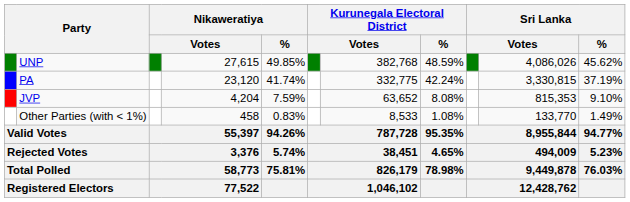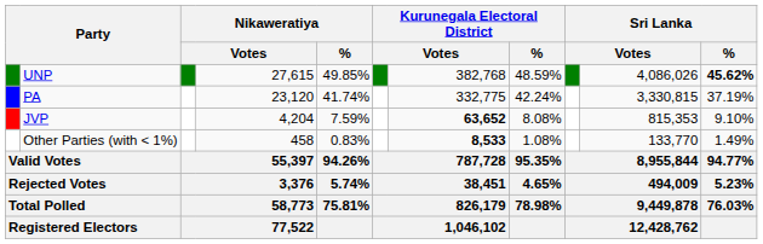 <table class="wikitable">
 <tr>
 <th colspan="2" width="144px"rowspan="2">Party</th>
 <th colspan="3" width="216px">Nikaweratiya</th>
 <th colspan="3" width="216px"><a href='#'>Kurunegala Electoral District</a></th>
 <th colspan="3" width="216px">Sri Lanka</th>
 </tr>
 <tr>
 <th colspan="2" width="144px">Votes</th>
 <th>%</th>
 <th colspan="2" width="144px">Votes</th>
 <th>%</th>
 <th colspan="2" width="144px">Votes</th>
 <th>%</th>
 </tr>
 <tr>
 <td style="background-color:green;" width="10px"></td>
 <td style="text-align:left;"><a href='#'>UNP</a></td>
 <td style="background-color:green;" width="10px"></td>
 <td style="text-align:right;">27,615</td>
 <td style="text-align:right;">49.85%</td>
 <td style="background-color:green;" width="10px"></td>
 <td style="text-align:right;">382,768</td>
 <td style="text-align:right;">48.59%</td>
 <td style="background-color:green;" width="10px"></td>
 <td style="text-align:right;">4,086,026</td>
-<td style="text-align:right;">45.62%</td>
+<td style="text-align:right;"><strong>45.62%</strong></td>
 </tr>
 <tr>
 <td style="background-color:blue;" width="10px"></td>
 <td style="text-align:left;"><a href='#'>PA</a></td>
 <td style="background-color:white;" width="10px"></td>
 <td style="text-align:right;">23,120</td>
 <td style="text-align:right;">41.74%</td>
 <td style="background-color:white;" width="10px"></td>
 <td style="text-align:right;">332,775</td>
 <td style="text-align:right;">42.24%</td>
 <td style="background-color:white;" width="10px"></td>
 <td style="text-align:right;">3,330,815</td>
 <td style="text-align:right;">37.19%</td>
 </tr>
 <tr>
 <td style="background-color:red;" width="10px"></td>
 <td style="text-align:left;"><a href='#'>JVP</a></td>
 <td style="background-color:white;" width="10px"></td>
 <td style="text-align:right;">4,204</td>
 <td style="text-align:right;">7.59%</td>
 <td style="background-color:white;" width="10px"></td>
-<td style="text-align:right;">63,652</td>
+<td style="text-align:right;"><strong>63,652</strong></td>
 <td style="text-align:right;">8.08%</td>
 <td style="background-color:white;" width="10px"></td>
 <td style="text-align:right;">815,353</td>
 <td style="text-align:right;">9.10%</td>
 </tr>
 <tr>
 <td style="background-color:white;" width="10px"></td>
 <td style="text-align:left;">Other Parties (with < 1%)</td>
 <td style="background-color:white;" width="10px"></td>
 <td style="text-align:right;">458</td>
 <td style="text-align:right;">0.83%</td>
 <td style="background-color:white;" width="10px"></td>
-<td style="text-align:right;">8,533</td>
+<td style="text-align:right;"><strong>8,533</strong></td>
 <td style="text-align:right;">1.08%</td>
 <td style="background-color:white;" width="10px"></td>
 <td style="text-align:right;">133,770</td>
 <td style="text-align:right;">1.49%</td>
 </tr>
 <tr>
 <th colspan="2" width="144px"style="text-align:left;">Valid Votes</th>
 <th style="text-align:right;"colspan="2" width="144px">55,397</th>
 <th style="text-align:right;">94.26%</th>
 <th style="text-align:right;"colspan="2" width="144px">787,728</th>
 <th style="text-align:right;">95.35%</th>
 <th style="text-align:right;"colspan="2" width="144px">8,955,844</th>
 <th style="text-align:right;">94.77%</th>
 </tr>
 <tr>
 <th colspan="2" width="144px"style="text-align:left;">Rejected Votes</th>
 <th style="text-align:right;"colspan="2" width="144px">3,376</th>
 <th style="text-align:right;">5.74%</th>
 <th style="text-align:right;"colspan="2" width="144px">38,451</th>
 <th style="text-align:right;">4.65%</th>
 <th style="text-align:right;"colspan="2" width="144px">494,009</th>
 <th style="text-align:right;">5.23%</th>
 </tr>
 <tr>
 <th colspan="2" width="144px"style="text-align:left;">Total Polled</th>
 <th style="text-align:right;"colspan="2" width="144px">58,773</th>
 <th style="text-align:right;">75.81%</th>
 <th style="text-align:right;"colspan="2" width="144px">826,179</th>
 <th style="text-align:right;">78.98%</th>
 <th style="text-align:right;"colspan="2" width="144px">9,449,878</th>
 <th style="text-align:right;">76.03%</th>
 </tr>
 <tr>
 <th colspan="2" width="144px"style="text-align:left;">Registered Electors</th>
 <th style="text-align:right;"colspan="2" width="144px">77,522</th>
 <th></th>
 <th style="text-align:right;"colspan="2" width="144px">1,046,102</th>
 <th></th>
 <th style="text-align:right;"colspan="2" width="144px">12,428,762</th>
 <th></th>
 </tr>
 </table>
